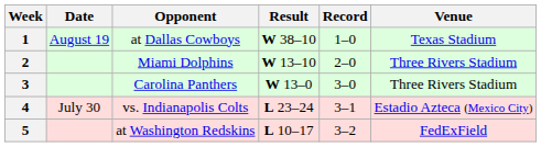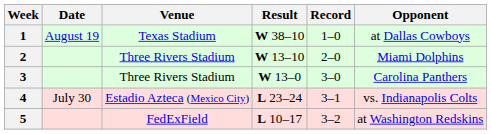 <table class="wikitable" style="text-align:center">
 <tr>
 <th>Week</th>
 <th>Date</th>
-<th>Opponent</th>
+<th>Venue</th>
 <th>Result</th>
 <th>Record</th>
-<th>Venue</th>
+<th>Opponent</th>
 </tr>
 <tr style="background:#dfd">
 <th>1</th>
 <td><a href='#'>August 19</a></td>
-<td>at <a href='#'>Dallas Cowboys</a></td>
+<td><a href='#'>Texas Stadium</a></td>
 <td><strong>W</strong> 38–10</td>
 <td>1–0</td>
-<td><a href='#'>Texas Stadium</a></td>
+<td>at <a href='#'>Dallas Cowboys</a></td>
 </tr>
 <tr style="background:#dfd">
 <th>2</th>
 <td></td>
-<td><a href='#'>Miami Dolphins</a></td>
+<td><a href='#'>Three Rivers Stadium</a></td>
 <td><strong>W</strong> 13–10</td>
 <td>2–0</td>
-<td><a href='#'>Three Rivers Stadium</a></td>
+<td><a href='#'>Miami Dolphins</a></td>
 </tr>
 <tr style="background:#dfd">
 <th>3</th>
 <td></td>
-<td><a href='#'>Carolina Panthers</a></td>
+<td>Three Rivers Stadium</td>
 <td><strong>W</strong> 13–0</td>
 <td>3–0</td>
-<td>Three Rivers Stadium</td>
+<td><a href='#'>Carolina Panthers</a></td>
 </tr>
 <tr style="background:#fdd">
 <th>4</th>
 <td>July 30</td>
-<td>vs. <a href='#'>Indianapolis Colts</a></td>
+<td> <a href='#'>Estadio Azteca</a> <small>(<a href='#'>Mexico City</a>)</small></td>
 <td><strong>L</strong> 23–24</td>
 <td>3–1</td>
-<td> <a href='#'>Estadio Azteca</a> <small>(<a href='#'>Mexico City</a>)</small></td>
+<td>vs. <a href='#'>Indianapolis Colts</a></td>
 </tr>
 <tr style="background:#fdd">
 <th>5</th>
 <td></td>
-<td>at <a href='#'>Washington Redskins</a></td>
+<td><a href='#'>FedExField</a></td>
 <td><strong>L</strong> 10–17</td>
 <td>3–2</td>
-<td><a href='#'>FedExField</a></td>
+<td>at <a href='#'>Washington Redskins</a></td>
 </tr>
 </table>
